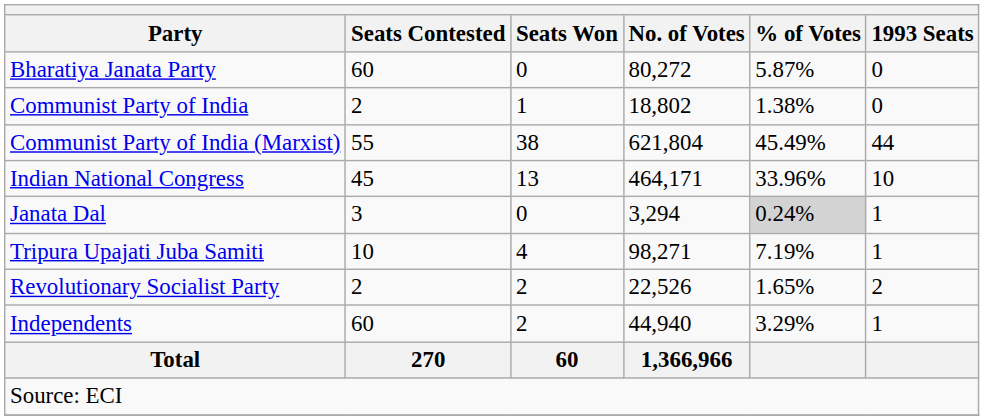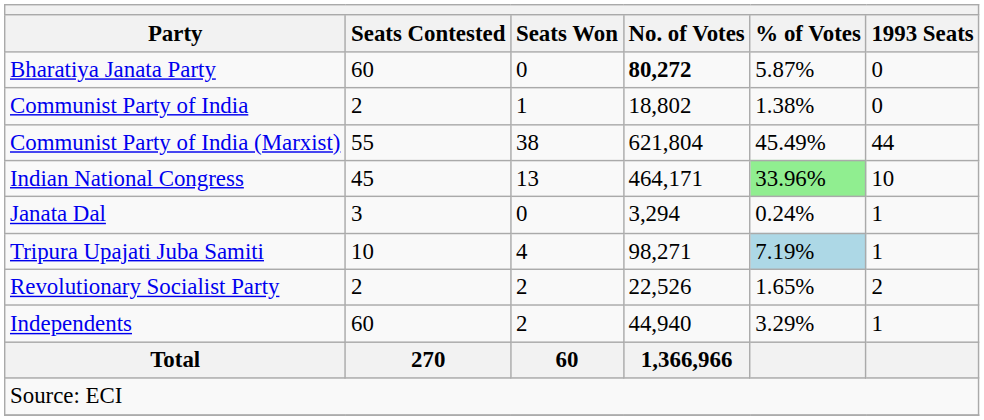 <table class="wikitable sortable">
 <tr>
 <th colspan=10></th>
 </tr>
 <tr>
 <th>Party</th>
 <th>Seats Contested</th>
 <th>Seats Won</th>
 <th>No. of Votes</th>
 <th>% of Votes</th>
 <th>1993 Seats</th>
 </tr>
 <tr>
 <td><a href='#'>Bharatiya Janata Party</a></td>
 <td>60</td>
 <td>0</td>
-<td>80,272</td>
+<td><strong>80,272</strong></td>
 <td>5.87%</td>
 <td>0</td>
 </tr>
 <tr>
 <td><a href='#'>Communist Party of India</a></td>
 <td>2</td>
 <td>1</td>
 <td>18,802</td>
 <td>1.38%</td>
 <td>0</td>
 </tr>
 <tr>
 <td><a href='#'>Communist Party of India (Marxist)</a></td>
 <td>55</td>
 <td>38</td>
 <td>621,804</td>
 <td>45.49%</td>
 <td>44</td>
 </tr>
 <tr>
 <td><a href='#'>Indian National Congress</a></td>
 <td>45</td>
 <td>13</td>
 <td>464,171</td>
-<td>33.96%</td>
+<td style="background: lightgreen;">33.96%</td>
 <td>10</td>
 </tr>
 <tr>
 <td><a href='#'>Janata Dal</a></td>
 <td>3</td>
 <td>0</td>
 <td>3,294</td>
-<td style="background: lightgrey;">0.24%</td>
+<td>0.24%</td>
 <td>1</td>
 </tr>
 <tr>
 <td><a href='#'>Tripura Upajati Juba Samiti</a></td>
 <td>10</td>
 <td>4</td>
 <td>98,271</td>
-<td>7.19%</td>
+<td style="background: lightblue;">7.19%</td>
 <td>1</td>
 </tr>
 <tr>
 <td><a href='#'>Revolutionary Socialist Party</a></td>
 <td>2</td>
 <td>2</td>
 <td>22,526</td>
 <td>1.65%</td>
 <td>2</td>
 </tr>
 <tr>
 <td><a href='#'>Independents</a></td>
 <td>60</td>
 <td>2</td>
 <td>44,940</td>
 <td>3.29%</td>
 <td>1</td>
 </tr>
 <tr>
 <th>Total</th>
 <th>270</th>
 <th>60</th>
 <th>1,366,966</th>
 <th></th>
 <th></th>
 </tr>
 <tr>
 <td colspan=10>Source: ECI</td>
 </tr>
 <tr>
 </tr>
 </table>
